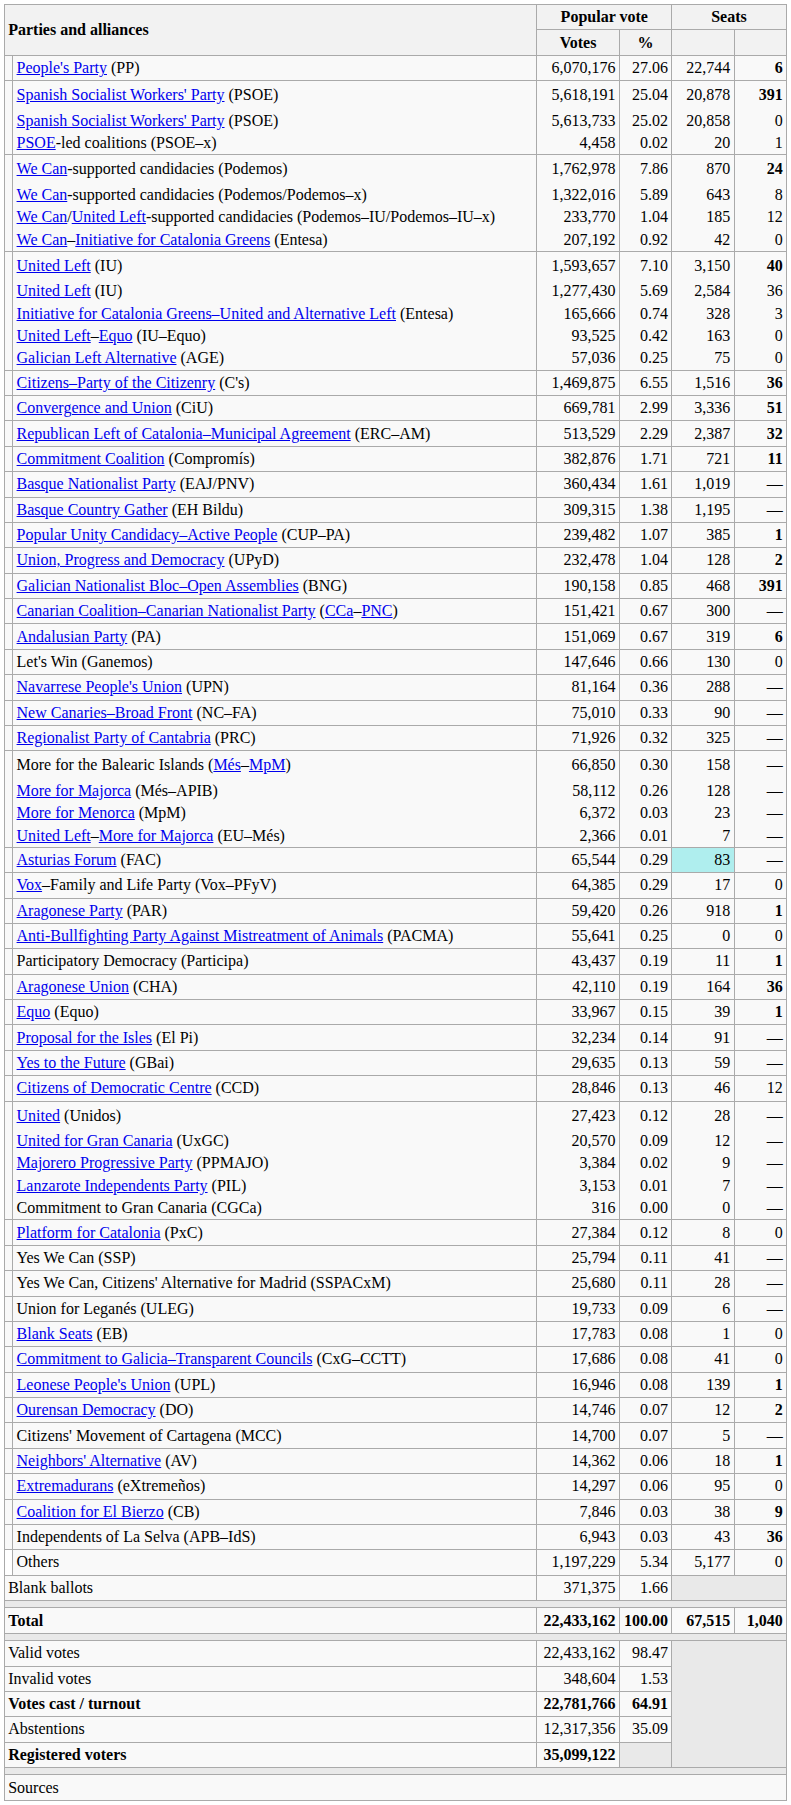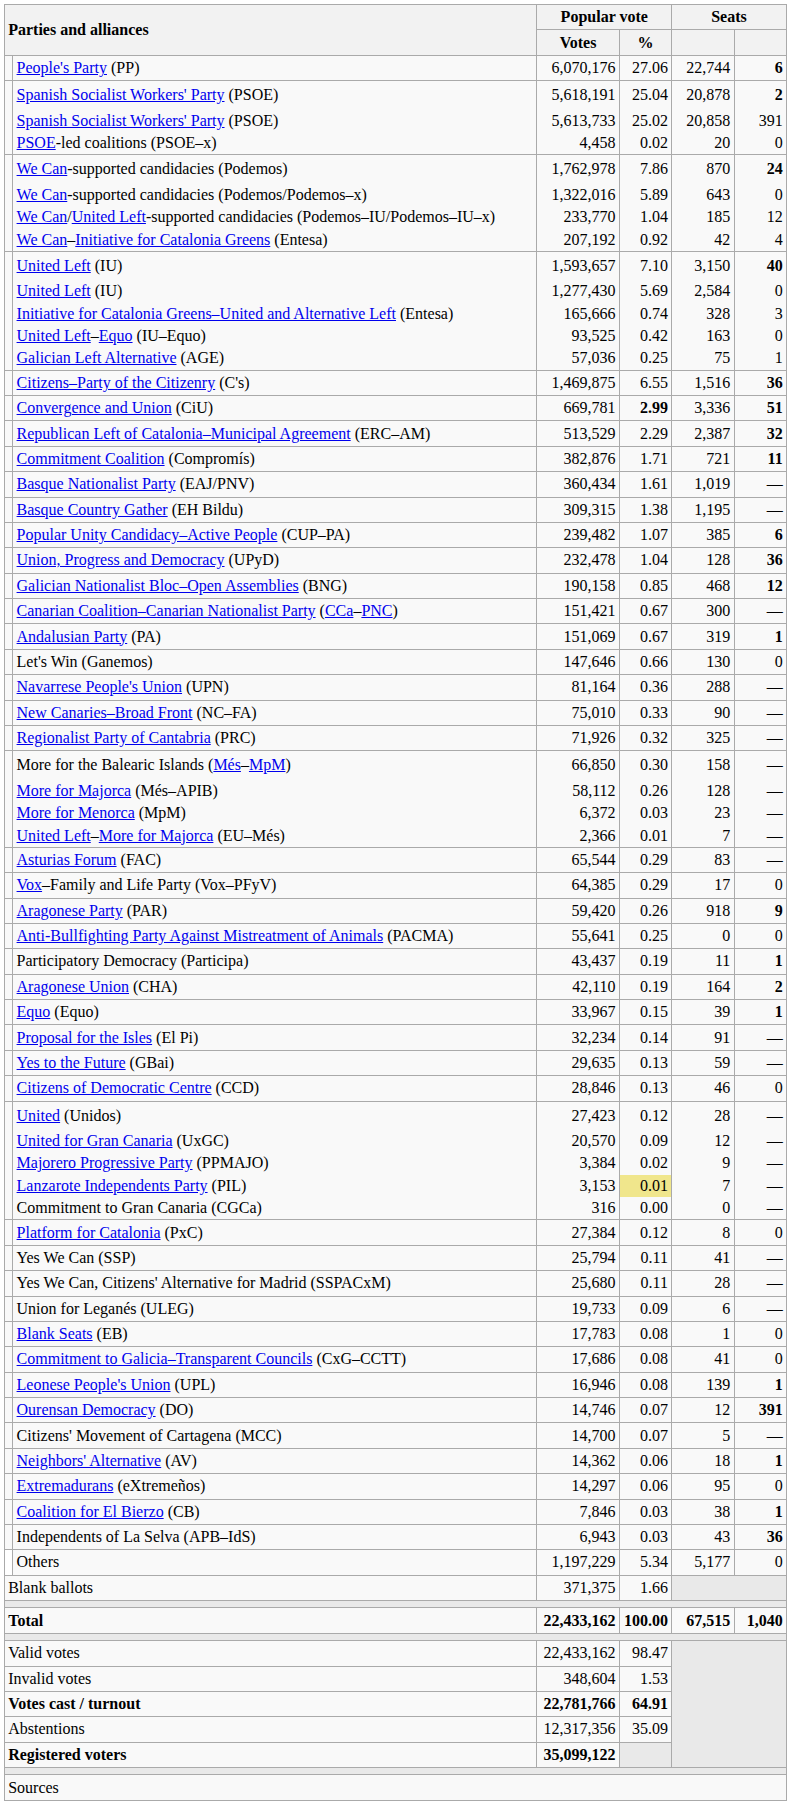 <table class="wikitable" style="text-align:right;">
 <tr>
 <th style="text-align:left;" rowspan="2" colspan="2" width="525">Parties and alliances</th>
 <th colspan="2">Popular vote</th>
 <th colspan="2">Seats</th>
 </tr>
 <tr>
 <th width="75">Votes</th>
 <th width="45">%</th>
 <th width="55"></th>
 <th width="45"></th>
 </tr>
 <tr>
 <td width="1" style="color:inherit;background:"></td>
 <td align="left"><a href='#'>People's Party</a> (PP)</td>
 <td>6,070,176</td>
 <td>27.06</td>
 <td>22,744</td>
 <td><strong>6</strong></td>
 </tr>
 <tr style="line-height:22px;">
 <td rowspan="3" style="color:inherit;background:"></td>
 <td align="left"><a href='#'>Spanish Socialist Workers' Party</a> (PSOE)</td>
 <td>5,618,191</td>
 <td>25.04</td>
 <td>20,878</td>
-<td><strong>391</strong></td>
+<td><strong>2</strong></td>
 </tr>
 <tr style="border-bottom-style:hidden; border-top-style:hidden; line-height:16px;">
 <td align="left"><span><a href='#'>Spanish Socialist Workers' Party</a> (PSOE)</span></td>
 <td>5,613,733</td>
 <td>25.02</td>
 <td>20,858</td>
-<td>0</td>
+<td>391</td>
 </tr>
 <tr style="line-height:16px;">
 <td align="left"><span><a href='#'>PSOE</a>-led coalitions (PSOE–x)</span></td>
 <td>4,458</td>
 <td>0.02</td>
 <td>20</td>
-<td>1</td>
+<td>0</td>
 </tr>
 <tr style="line-height:22px;">
 <td rowspan="4" style="color:inherit;background:"></td>
 <td align="left"><a href='#'>We Can</a>-supported candidacies (Podemos)</td>
 <td>1,762,978</td>
 <td>7.86</td>
 <td>870</td>
 <td><strong>24</strong></td>
 </tr>
 <tr style="border-bottom-style:hidden; border-top-style:hidden; line-height:16px;">
 <td align="left"><span><a href='#'>We Can</a>-supported candidacies (Podemos/Podemos–x)</span></td>
 <td>1,322,016</td>
 <td>5.89</td>
 <td>643</td>
-<td>8</td>
+<td>0</td>
 </tr>
 <tr style="border-bottom-style:hidden; line-height:16px;">
 <td align="left"><span><a href='#'>We Can</a>/<a href='#'>United Left</a>-supported candidacies (Podemos–IU/Podemos–IU–x)</span></td>
 <td>233,770</td>
 <td>1.04</td>
 <td>185</td>
 <td>12</td>
 </tr>
 <tr style="line-height:16px;">
 <td align="left"><span><a href='#'>We Can</a>–<a href='#'>Initiative for Catalonia Greens</a> (Entesa)</span></td>
 <td>207,192</td>
 <td>0.92</td>
 <td>42</td>
-<td>0</td>
+<td>4</td>
 </tr>
 <tr style="line-height:22px;">
 <td rowspan="5" style="color:inherit;background:"></td>
 <td align="left"><a href='#'>United Left</a> (IU)</td>
 <td>1,593,657</td>
 <td>7.10</td>
 <td>3,150</td>
 <td><strong>40</strong></td>
 </tr>
 <tr style="border-bottom-style:hidden; border-top-style:hidden; line-height:16px;">
 <td align="left"><span><a href='#'>United Left</a> (IU)</span></td>
 <td>1,277,430</td>
 <td>5.69</td>
 <td>2,584</td>
-<td>36</td>
+<td>0</td>
 </tr>
 <tr style="border-bottom-style:hidden; line-height:16px;">
 <td align="left"><span><a href='#'>Initiative for Catalonia Greens–United and Alternative Left</a> (Entesa)</span></td>
 <td>165,666</td>
 <td>0.74</td>
 <td>328</td>
 <td>3</td>
 </tr>
 <tr style="border-bottom-style:hidden; line-height:16px;">
 <td align="left"><span><a href='#'>United Left</a>–<a href='#'>Equo</a> (IU–Equo)</span></td>
 <td>93,525</td>
 <td>0.42</td>
 <td>163</td>
 <td>0</td>
 </tr>
 <tr style="line-height:16px;">
 <td align="left"><span><a href='#'>Galician Left Alternative</a> (AGE)</span></td>
 <td>57,036</td>
 <td>0.25</td>
 <td>75</td>
-<td>0</td>
+<td>1</td>
 </tr>
 <tr>
 <td style="color:inherit;background:"></td>
 <td align="left"><a href='#'>Citizens–Party of the Citizenry</a> (C's)</td>
 <td>1,469,875</td>
 <td>6.55</td>
 <td>1,516</td>
 <td><strong>36</strong></td>
 </tr>
 <tr>
 <td style="color:inherit;background:"></td>
 <td align="left"><a href='#'>Convergence and Union</a> (CiU)</td>
 <td>669,781</td>
-<td>2.99</td>
+<td><strong>2.99</strong></td>
 <td>3,336</td>
 <td><strong>51</strong></td>
 </tr>
 <tr>
 <td style="color:inherit;background:"></td>
 <td align="left"><a href='#'>Republican Left of Catalonia–Municipal Agreement</a> (ERC–AM)</td>
 <td>513,529</td>
 <td>2.29</td>
 <td>2,387</td>
 <td><strong>32</strong></td>
 </tr>
 <tr>
 <td style="color:inherit;background:"></td>
 <td align="left"><a href='#'>Commitment Coalition</a> (Compromís)</td>
 <td>382,876</td>
 <td>1.71</td>
 <td>721</td>
 <td><strong>11</strong></td>
 </tr>
 <tr>
 <td style="color:inherit;background:"></td>
 <td align="left"><a href='#'>Basque Nationalist Party</a> (EAJ/PNV)</td>
 <td>360,434</td>
 <td>1.61</td>
 <td>1,019</td>
 <td>—</td>
 </tr>
 <tr>
 <td style="color:inherit;background:"></td>
 <td align="left"><a href='#'>Basque Country Gather</a> (EH Bildu)</td>
 <td>309,315</td>
 <td>1.38</td>
 <td>1,195</td>
 <td>—</td>
 </tr>
 <tr>
 <td style="color:inherit;background:"></td>
 <td align="left"><a href='#'>Popular Unity Candidacy–Active People</a> (CUP–PA)</td>
 <td>239,482</td>
 <td>1.07</td>
 <td>385</td>
-<td><strong>1</strong></td>
+<td><strong>6</strong></td>
 </tr>
 <tr>
 <td style="color:inherit;background:"></td>
 <td align="left"><a href='#'>Union, Progress and Democracy</a> (UPyD)</td>
 <td>232,478</td>
 <td>1.04</td>
 <td>128</td>
-<td><strong>2</strong></td>
+<td><strong>36</strong></td>
 </tr>
 <tr>
 <td style="color:inherit;background:"></td>
 <td align="left"><a href='#'>Galician Nationalist Bloc–Open Assemblies</a> (BNG)</td>
 <td>190,158</td>
 <td>0.85</td>
 <td>468</td>
-<td><strong>391</strong></td>
+<td><strong>12</strong></td>
 </tr>
 <tr>
 <td style="color:inherit;background:"></td>
 <td align="left"><a href='#'>Canarian Coalition–Canarian Nationalist Party</a> (<a href='#'>CCa</a>–<a href='#'>PNC</a>)</td>
 <td>151,421</td>
 <td>0.67</td>
 <td>300</td>
 <td>—</td>
 </tr>
 <tr>
 <td style="color:inherit;background:"></td>
 <td align="left"><a href='#'>Andalusian Party</a> (PA)</td>
 <td>151,069</td>
 <td>0.67</td>
 <td>319</td>
-<td><strong>6</strong></td>
+<td><strong>1</strong></td>
 </tr>
 <tr>
 <td style="color:inherit;background:"></td>
 <td align="left">Let's Win (Ganemos)</td>
 <td>147,646</td>
 <td>0.66</td>
 <td>130</td>
 <td>0</td>
 </tr>
 <tr>
 <td style="color:inherit;background:"></td>
 <td align="left"><a href='#'>Navarrese People's Union</a> (UPN)</td>
 <td>81,164</td>
 <td>0.36</td>
 <td>288</td>
 <td>—</td>
 </tr>
 <tr>
 <td style="color:inherit;background:"></td>
 <td align="left"><a href='#'>New Canaries–Broad Front</a> (NC–FA)</td>
 <td>75,010</td>
 <td>0.33</td>
 <td>90</td>
 <td>—</td>
 </tr>
 <tr>
 <td style="color:inherit;background:"></td>
 <td align="left"><a href='#'>Regionalist Party of Cantabria</a> (PRC)</td>
 <td>71,926</td>
 <td>0.32</td>
 <td>325</td>
 <td>—</td>
 </tr>
 <tr style="line-height:22px;">
 <td rowspan="4" style="color:inherit;background:"></td>
 <td align="left">More for the Balearic Islands (<a href='#'>Més</a>–<a href='#'>MpM</a>)</td>
 <td>66,850</td>
 <td>0.30</td>
 <td>158</td>
 <td>—</td>
 </tr>
 <tr style="border-bottom-style:hidden; border-top-style:hidden; line-height:16px;">
 <td align="left"><span><a href='#'>More for Majorca</a> (Més–APIB)</span></td>
 <td>58,112</td>
 <td>0.26</td>
 <td>128</td>
 <td>—</td>
 </tr>
 <tr style="border-bottom-style:hidden; line-height:16px;">
 <td align="left"><span><a href='#'>More for Menorca</a> (MpM)</span></td>
 <td>6,372</td>
 <td>0.03</td>
 <td>23</td>
 <td>—</td>
 </tr>
 <tr style="line-height:16px;">
 <td align="left"><span><a href='#'>United Left</a>–<a href='#'>More for Majorca</a> (EU–Més)</span></td>
 <td>2,366</td>
 <td>0.01</td>
 <td>7</td>
 <td>—</td>
 </tr>
 <tr>
 <td style="color:inherit;background:"></td>
 <td align="left"><a href='#'>Asturias Forum</a> (FAC)</td>
 <td>65,544</td>
 <td>0.29</td>
-<td style="background: paleturquoise;">83</td>
+<td>83</td>
 <td>—</td>
 </tr>
 <tr>
 <td style="color:inherit;background:"></td>
 <td align="left"><a href='#'>Vox</a>–Family and Life Party (Vox–PFyV)</td>
 <td>64,385</td>
 <td>0.29</td>
 <td>17</td>
 <td>0</td>
 </tr>
 <tr>
 <td style="color:inherit;background:"></td>
 <td align="left"><a href='#'>Aragonese Party</a> (PAR)</td>
 <td>59,420</td>
 <td>0.26</td>
 <td>918</td>
-<td><strong>1</strong></td>
+<td><strong>9</strong></td>
 </tr>
 <tr>
 <td style="color:inherit;background:"></td>
 <td align="left"><a href='#'>Anti-Bullfighting Party Against Mistreatment of Animals</a> (PACMA)</td>
 <td>55,641</td>
 <td>0.25</td>
 <td>0</td>
 <td>0</td>
 </tr>
 <tr>
 <td style="color:inherit;background:"></td>
 <td align="left">Participatory Democracy (Participa)</td>
 <td>43,437</td>
 <td>0.19</td>
 <td>11</td>
 <td><strong>1</strong></td>
 </tr>
 <tr>
 <td style="color:inherit;background:"></td>
 <td align="left"><a href='#'>Aragonese Union</a> (CHA)</td>
 <td>42,110</td>
 <td>0.19</td>
 <td>164</td>
-<td><strong>36</strong></td>
+<td><strong>2</strong></td>
 </tr>
 <tr>
 <td style="color:inherit;background:"></td>
 <td align="left"><a href='#'>Equo</a> (Equo)</td>
 <td>33,967</td>
 <td>0.15</td>
 <td>39</td>
 <td><strong>1</strong></td>
 </tr>
 <tr>
 <td style="color:inherit;background:"></td>
 <td align="left"><a href='#'>Proposal for the Isles</a> (El Pi)</td>
 <td>32,234</td>
 <td>0.14</td>
 <td>91</td>
 <td>—</td>
 </tr>
 <tr>
 <td style="color:inherit;background:"></td>
 <td align="left"><a href='#'>Yes to the Future</a> (GBai)</td>
 <td>29,635</td>
 <td>0.13</td>
 <td>59</td>
 <td>—</td>
 </tr>
 <tr>
 <td style="color:inherit;background:"></td>
 <td align="left"><a href='#'>Citizens of Democratic Centre</a> (CCD)</td>
 <td>28,846</td>
 <td>0.13</td>
 <td>46</td>
-<td>12</td>
+<td>0</td>
 </tr>
 <tr style="line-height:22px;">
 <td rowspan="5" style="color:inherit;background:"></td>
 <td align="left"><a href='#'>United</a> (Unidos)</td>
 <td>27,423</td>
 <td>0.12</td>
 <td>28</td>
 <td>—</td>
 </tr>
 <tr style="border-bottom-style:hidden; border-top-style:hidden; line-height:16px;">
 <td align="left"><span><a href='#'>United for Gran Canaria</a> (UxGC)</span></td>
 <td>20,570</td>
 <td>0.09</td>
 <td>12</td>
 <td>—</td>
 </tr>
 <tr style="border-bottom-style:hidden; line-height:16px;">
 <td align="left"><span><a href='#'>Majorero Progressive Party</a> (PPMAJO)</span></td>
 <td>3,384</td>
 <td>0.02</td>
 <td>9</td>
 <td>—</td>
 </tr>
 <tr style="border-bottom-style:hidden; line-height:16px;">
 <td align="left"><span><a href='#'>Lanzarote Independents Party</a> (PIL)</span></td>
 <td>3,153</td>
-<td>0.01</td>
+<td style="background: khaki;">0.01</td>
 <td>7</td>
 <td>—</td>
 </tr>
 <tr style="line-height:16px;">
 <td align="left"><span>Commitment to Gran Canaria (CGCa)</span></td>
 <td>316</td>
 <td>0.00</td>
 <td>0</td>
 <td>—</td>
 </tr>
 <tr>
 <td style="color:inherit;background:"></td>
 <td align="left"><a href='#'>Platform for Catalonia</a> (PxC)</td>
 <td>27,384</td>
 <td>0.12</td>
 <td>8</td>
 <td>0</td>
 </tr>
 <tr>
 <td style="color:inherit;background:"></td>
 <td align="left">Yes We Can (SSP)</td>
 <td>25,794</td>
 <td>0.11</td>
 <td>41</td>
 <td>—</td>
 </tr>
 <tr>
 <td style="color:inherit;background:"></td>
 <td align="left">Yes We Can, Citizens' Alternative for Madrid (SSPACxM)</td>
 <td>25,680</td>
 <td>0.11</td>
 <td>28</td>
 <td>—</td>
 </tr>
 <tr>
 <td style="color:inherit;background:"></td>
 <td align="left">Union for Leganés (ULEG)</td>
 <td>19,733</td>
 <td>0.09</td>
 <td>6</td>
 <td>—</td>
 </tr>
 <tr>
 <td style="color:inherit;background:"></td>
 <td align="left"><a href='#'>Blank Seats</a> (EB)</td>
 <td>17,783</td>
 <td>0.08</td>
 <td>1</td>
 <td>0</td>
 </tr>
 <tr>
 <td style="color:inherit;background:"></td>
 <td align="left"><a href='#'>Commitment to Galicia–Transparent Councils</a> (CxG–CCTT)</td>
 <td>17,686</td>
 <td>0.08</td>
 <td>41</td>
 <td>0</td>
 </tr>
 <tr>
 <td style="color:inherit;background:"></td>
 <td align="left"><a href='#'>Leonese People's Union</a> (UPL)</td>
 <td>16,946</td>
 <td>0.08</td>
 <td>139</td>
 <td><strong>1</strong></td>
 </tr>
 <tr>
 <td style="color:inherit;background:"></td>
 <td align="left"><a href='#'>Ourensan Democracy</a> (DO)</td>
 <td>14,746</td>
 <td>0.07</td>
 <td>12</td>
-<td><strong>2</strong></td>
+<td><strong>391</strong></td>
 </tr>
 <tr>
 <td style="color:inherit;background:"></td>
 <td align="left">Citizens' Movement of Cartagena (MCC)</td>
 <td>14,700</td>
 <td>0.07</td>
 <td>5</td>
 <td>—</td>
 </tr>
 <tr>
 <td style="color:inherit;background:"></td>
 <td align="left"><a href='#'>Neighbors' Alternative</a> (AV)</td>
 <td>14,362</td>
 <td>0.06</td>
 <td>18</td>
 <td><strong>1</strong></td>
 </tr>
 <tr>
 <td style="color:inherit;background:"></td>
 <td align="left"><a href='#'>Extremadurans</a> (eXtremeños)</td>
 <td>14,297</td>
 <td>0.06</td>
 <td>95</td>
 <td>0</td>
 </tr>
 <tr>
 <td style="color:inherit;background:"></td>
 <td align="left"><a href='#'>Coalition for El Bierzo</a> (CB)</td>
 <td>7,846</td>
 <td>0.03</td>
 <td>38</td>
-<td><strong>9</strong></td>
+<td><strong>1</strong></td>
 </tr>
 <tr>
 <td style="color:inherit;background:"></td>
 <td align="left">Independents of La Selva (APB–IdS)</td>
 <td>6,943</td>
 <td>0.03</td>
 <td>43</td>
 <td><strong>36</strong></td>
 </tr>
 <tr>
 <td bgcolor="white"></td>
 <td align="left">Others</td>
 <td>1,197,229</td>
 <td>5.34</td>
 <td>5,177</td>
 <td>0</td>
 </tr>
 <tr>
 <td align="left" colspan="2">Blank ballots</td>
 <td>371,375</td>
 <td>1.66</td>
 <td bgcolor="#E9E9E9" colspan="2"></td>
 </tr>
 <tr>
 <td colspan="6" bgcolor="#E9E9E9"></td>
 </tr>
 <tr style="font-weight:bold;">
 <td align="left" colspan="2">Total</td>
 <td>22,433,162</td>
 <td>100.00</td>
 <td>67,515</td>
 <td>1,040</td>
 </tr>
 <tr>
 <td colspan="6" bgcolor="#E9E9E9"></td>
 </tr>
 <tr>
 <td align="left" colspan="2">Valid votes</td>
 <td>22,433,162</td>
 <td>98.47</td>
 <td bgcolor="#E9E9E9" colspan="2" rowspan="5"></td>
 </tr>
 <tr>
 <td align="left" colspan="2">Invalid votes</td>
 <td>348,604</td>
 <td>1.53</td>
 </tr>
 <tr style="font-weight:bold;">
 <td align="left" colspan="2">Votes cast / turnout</td>
 <td>22,781,766</td>
 <td>64.91</td>
 </tr>
 <tr>
 <td align="left" colspan="2">Abstentions</td>
 <td>12,317,356</td>
 <td>35.09</td>
 </tr>
 <tr style="font-weight:bold;">
 <td align="left" colspan="2">Registered voters</td>
 <td>35,099,122</td>
 <td bgcolor="#E9E9E9" colspan="2"></td>
 </tr>
 <tr>
 <td colspan="6" bgcolor="#E9E9E9"></td>
 </tr>
 <tr>
 <td align="left" colspan="6">Sources</td>
 </tr>
 </table>
